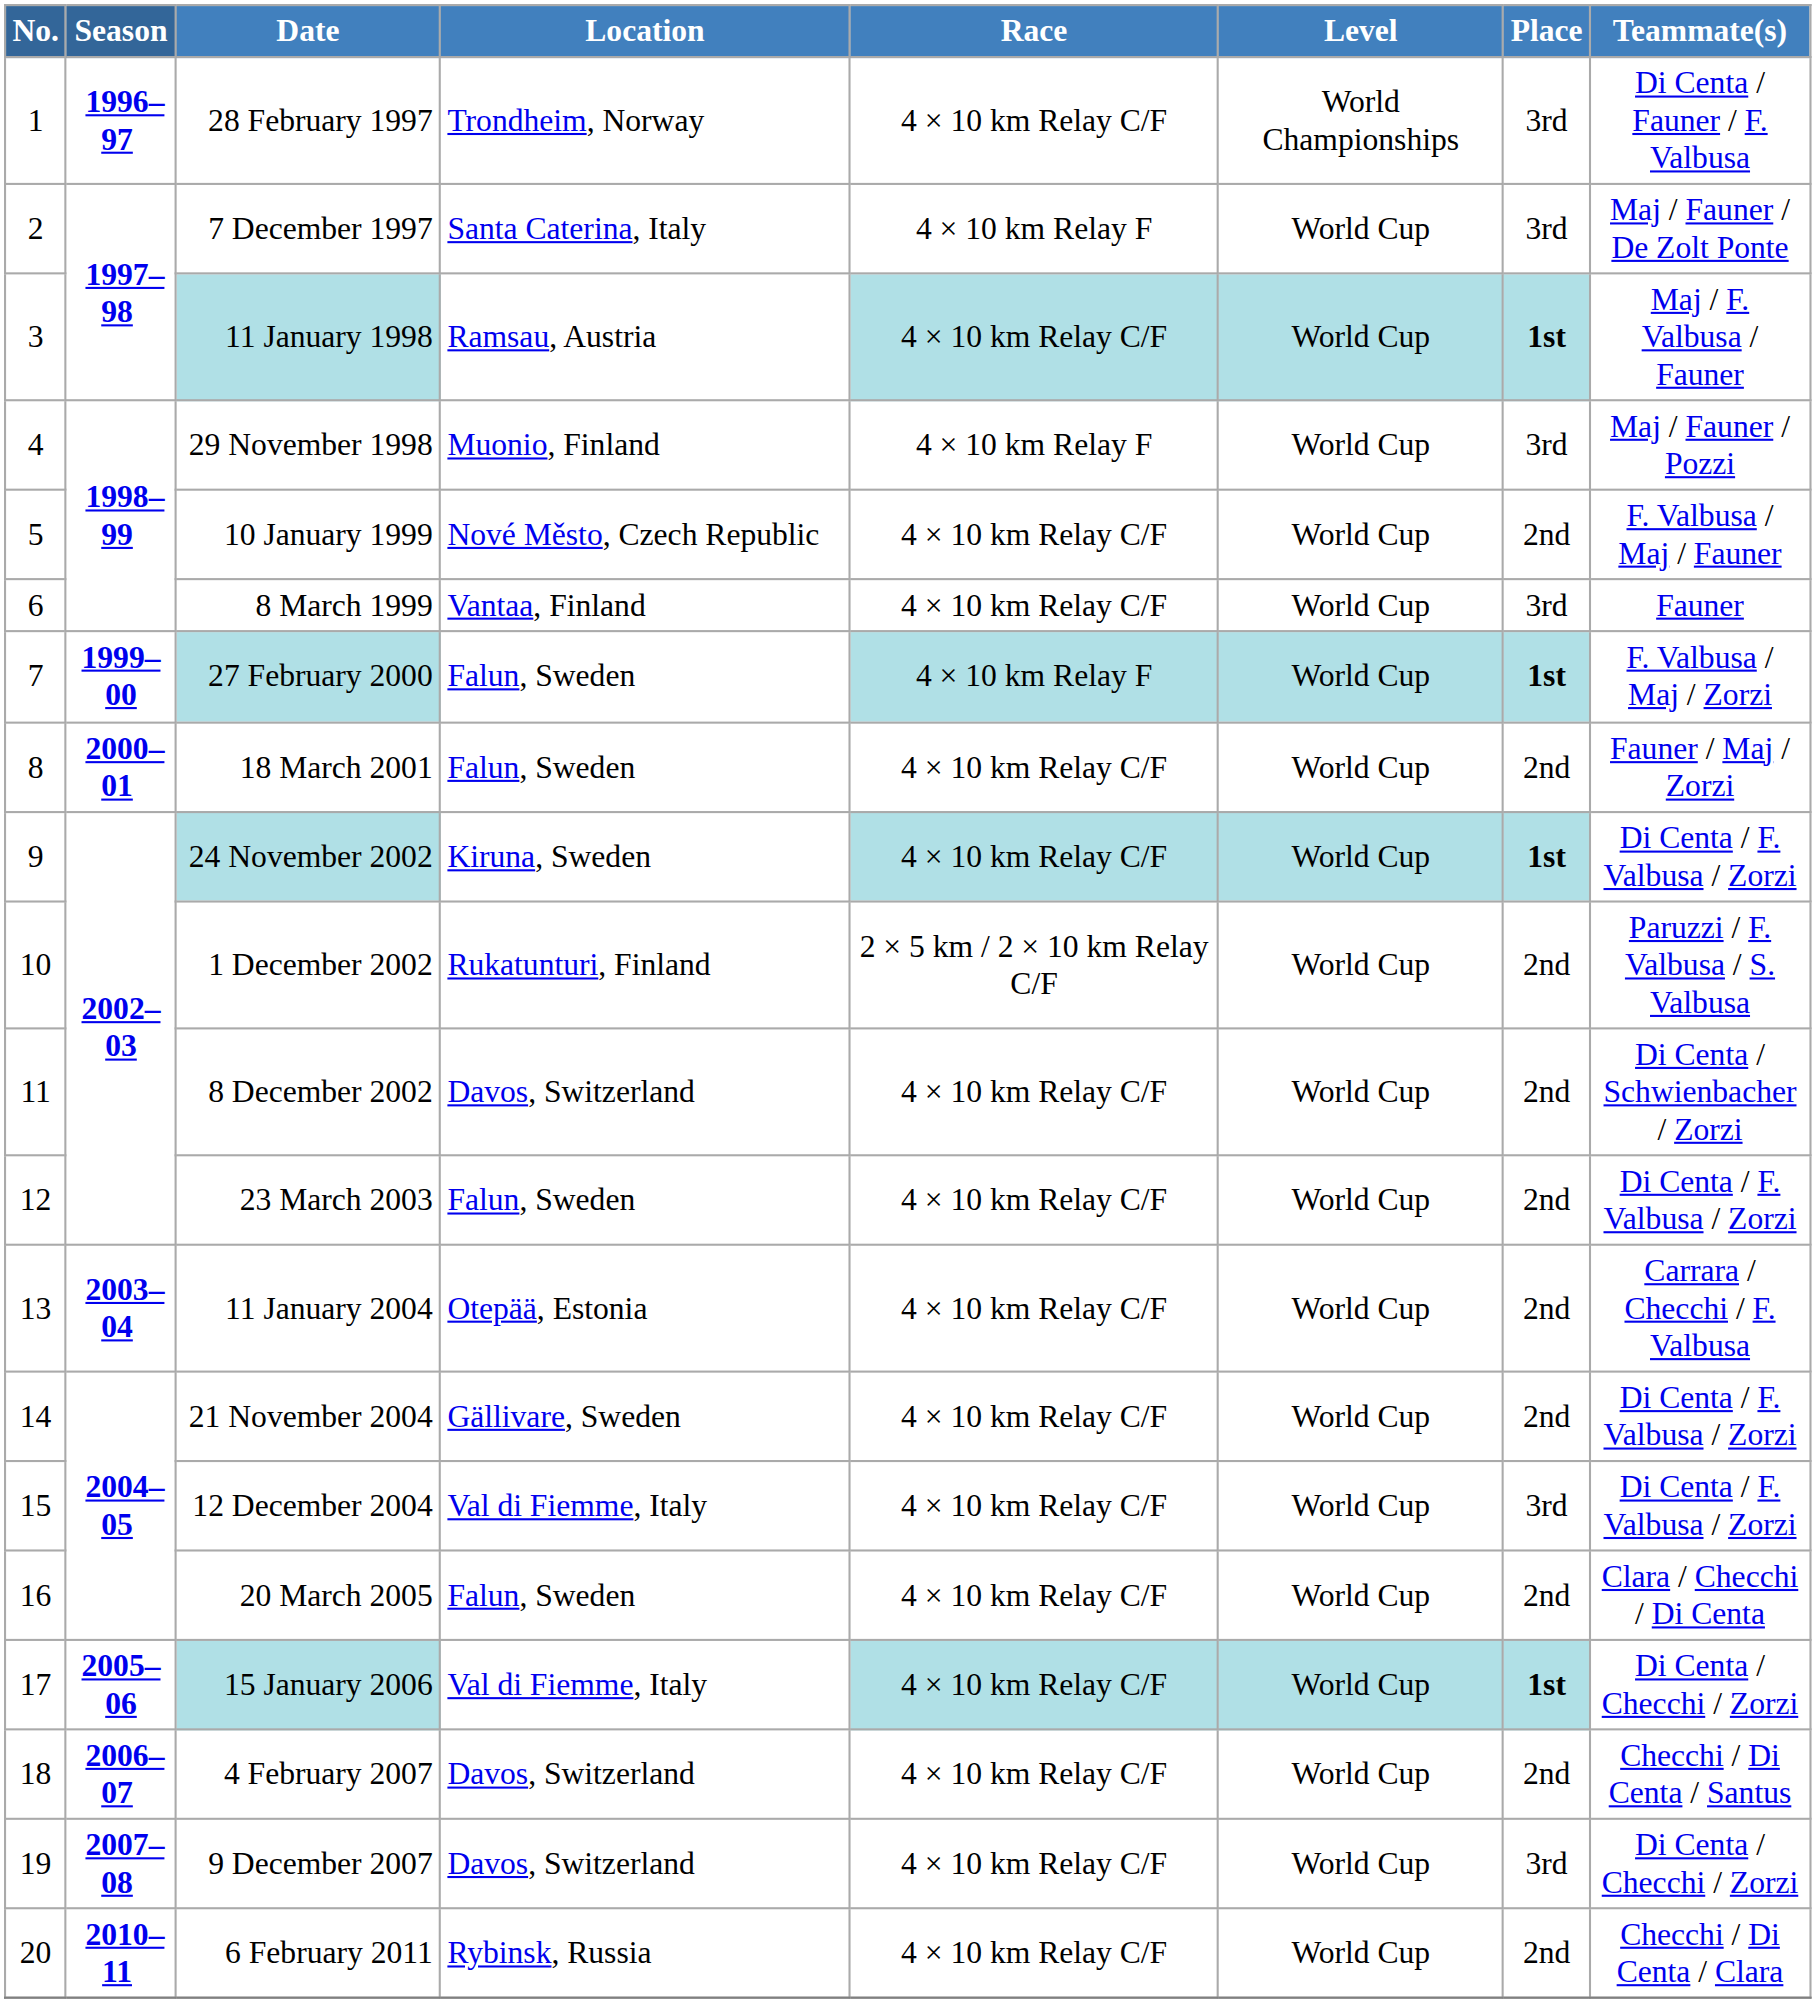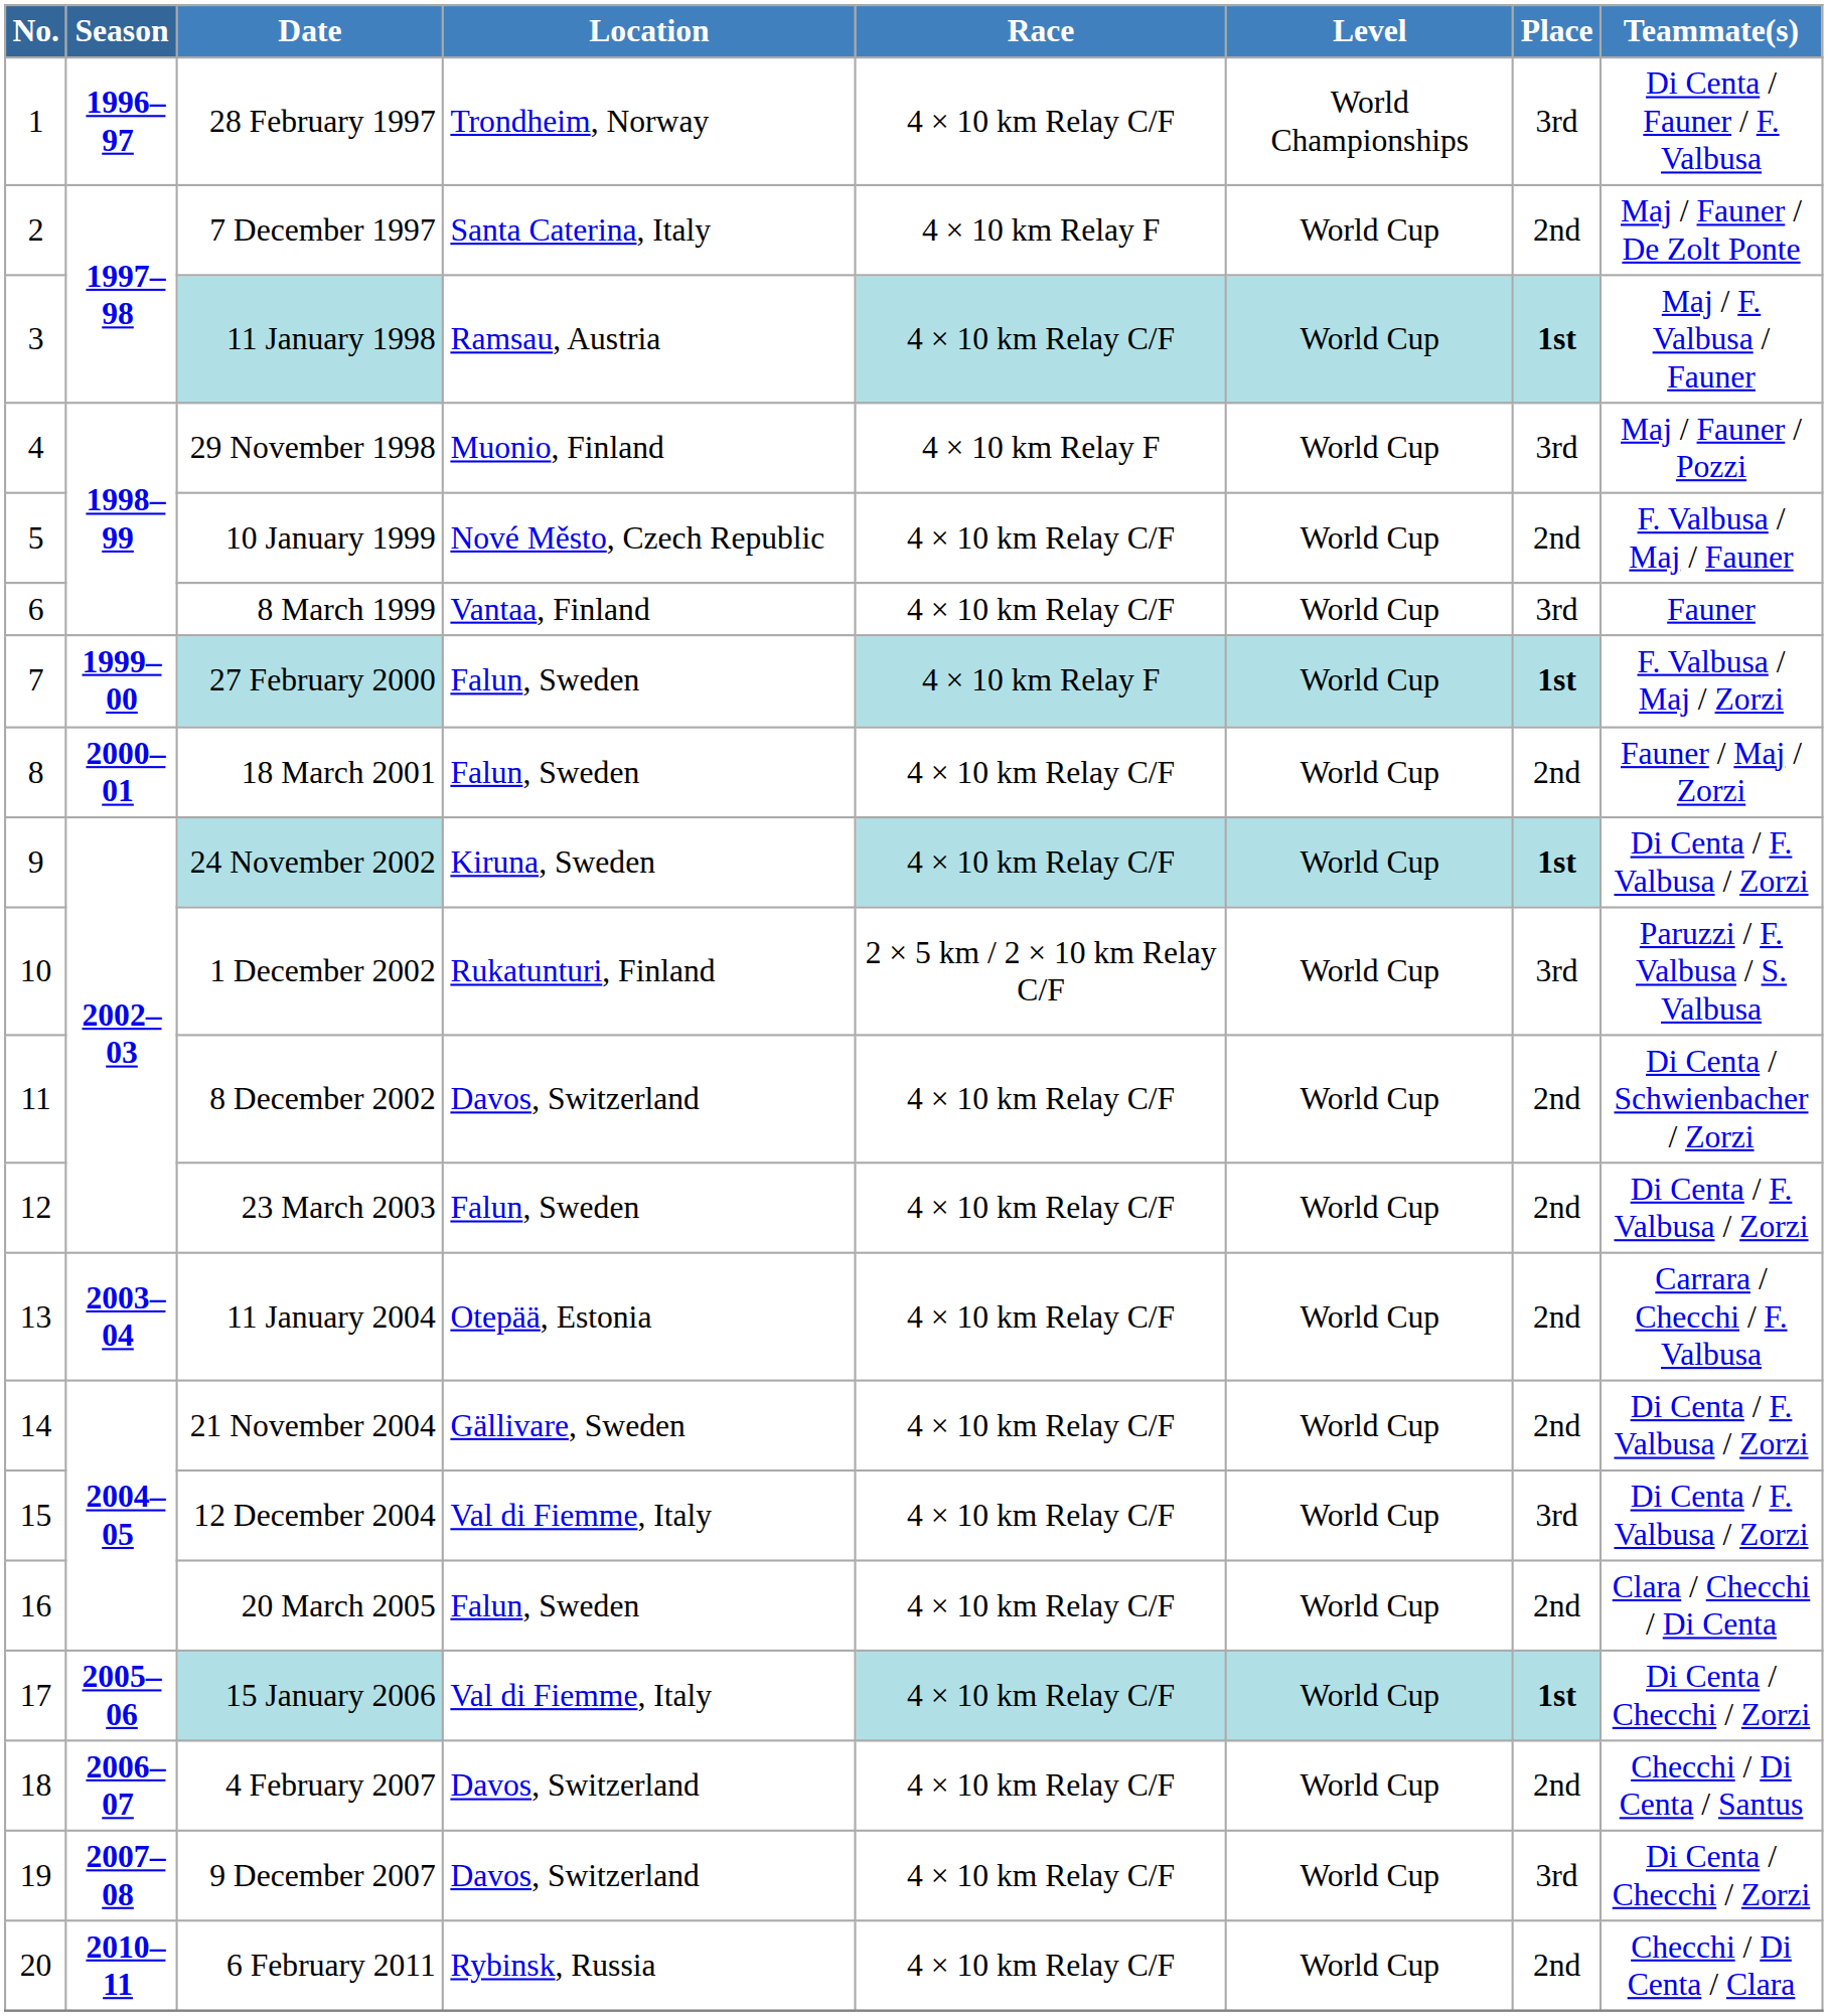 <table class="wikitable sortable" style="font-size:95%; text-align:center; border:grey solid 1px; border-collapse:collapse; background:#ffffff;">
 <tr style="background:#efefef;">
 <th style="background-color:#369; color:white;">No.</th>
 <th style="background-color:#369; color:white;">Season</th>
 <th style="background-color:#4180be; color:white; width:120px;">Date</th>
 <th style="background-color:#4180be; color:white; width:190px;">Location</th>
 <th style="background-color:#4180be; color:white; width:170px;">Race</th>
 <th style="background-color:#4180be; color:white; width:130px;">Level</th>
 <th style="background-color:#4180be; color:white;">Place</th>
 <th style="background-color:#4180be; color:white;">Teammate(s)</th>
 </tr>
 <tr>
 <td align=center>1</td>
 <td rowspan=1 align=center><strong> <a href='#'>1996–97</a> </strong></td>
 <td align=right>28 February 1997</td>
 <td align=left> <a href='#'>Trondheim</a>, Norway</td>
 <td>4 × 10 km Relay C/F</td>
 <td>World Championships</td>
 <td>3rd</td>
 <td><a href='#'>Di Centa</a> / <a href='#'>Fauner</a> / <a href='#'>F. Valbusa</a></td>
 </tr>
 <tr>
 <td align=center>2</td>
 <td rowspan=2 align=center><strong> <a href='#'>1997–98</a> </strong></td>
 <td align=right>7 December 1997</td>
 <td align=left> <a href='#'>Santa Caterina</a>, Italy</td>
 <td>4 × 10 km Relay F</td>
 <td>World Cup</td>
-<td>3rd</td>
+<td>2nd</td>
 <td><a href='#'>Maj</a> / <a href='#'>Fauner</a> / <a href='#'>De Zolt Ponte</a></td>
 </tr>
 <tr>
 <td align=center>3</td>
 <td bgcolor="#BOEOE6" align=right>11 January 1998</td>
 <td align=left> <a href='#'>Ramsau</a>, Austria</td>
 <td bgcolor="#BOEOE6">4 × 10 km Relay C/F</td>
 <td bgcolor="#BOEOE6">World Cup</td>
 <td bgcolor="#BOEOE6"><strong>1st</strong></td>
 <td><a href='#'>Maj</a> / <a href='#'>F. Valbusa</a> / <a href='#'>Fauner</a></td>
 </tr>
 <tr>
 <td align=center>4</td>
 <td rowspan=3 align=center><strong> <a href='#'>1998–99</a> </strong></td>
 <td align=right>29 November 1998</td>
 <td align=left> <a href='#'>Muonio</a>, Finland</td>
 <td>4 × 10 km Relay F</td>
 <td>World Cup</td>
 <td>3rd</td>
 <td><a href='#'>Maj</a> / <a href='#'>Fauner</a> / <a href='#'>Pozzi</a></td>
 </tr>
 <tr>
 <td align=center>5</td>
 <td align=right>10 January 1999</td>
 <td align=left> <a href='#'>Nové Město</a>, Czech Republic</td>
 <td>4 × 10 km Relay C/F</td>
 <td>World Cup</td>
 <td>2nd</td>
 <td><a href='#'>F. Valbusa</a> / <a href='#'>Maj</a> / <a href='#'>Fauner</a></td>
 </tr>
 <tr>
 <td align=center>6</td>
 <td align=right>8 March 1999</td>
 <td align=left> <a href='#'>Vantaa</a>, Finland</td>
 <td>4 × 10 km Relay C/F</td>
 <td>World Cup</td>
 <td>3rd</td>
 <td><a href='#'>Fauner</a></td>
 </tr>
 <tr>
 <td align=center>7</td>
 <td rowspan=1 align=center><strong><a href='#'>1999–00</a></strong></td>
 <td bgcolor="#BOEOE6" align=right>27 February 2000</td>
 <td align=left> <a href='#'>Falun</a>, Sweden</td>
 <td bgcolor="#BOEOE6">4 × 10 km Relay F</td>
 <td bgcolor="#BOEOE6">World Cup</td>
 <td bgcolor="#BOEOE6"><strong>1st</strong></td>
 <td><a href='#'>F. Valbusa</a> / <a href='#'>Maj</a> / <a href='#'>Zorzi</a></td>
 </tr>
 <tr>
 <td align=center>8</td>
 <td rowspan=1 align=center><strong> <a href='#'>2000–01</a> </strong></td>
 <td align=right>18 March 2001</td>
 <td align=left> <a href='#'>Falun</a>, Sweden</td>
 <td>4 × 10 km Relay C/F</td>
 <td>World Cup</td>
 <td>2nd</td>
 <td><a href='#'>Fauner</a> / <a href='#'>Maj</a> / <a href='#'>Zorzi</a></td>
 </tr>
 <tr>
 <td align=center>9</td>
 <td rowspan=4 align=center><strong><a href='#'>2002–03</a></strong></td>
 <td bgcolor="#BOEOE6" align=right>24 November 2002</td>
 <td align=left> <a href='#'>Kiruna</a>, Sweden</td>
 <td bgcolor="#BOEOE6">4 × 10 km Relay C/F</td>
 <td bgcolor="#BOEOE6">World Cup</td>
 <td bgcolor="#BOEOE6"><strong>1st</strong></td>
 <td><a href='#'>Di Centa</a> / <a href='#'>F. Valbusa</a> / <a href='#'>Zorzi</a></td>
 </tr>
 <tr>
 <td align=center>10</td>
 <td align=right>1 December 2002</td>
 <td align=left> <a href='#'>Rukatunturi</a>, Finland</td>
 <td>2 × 5 km / 2 × 10 km Relay C/F</td>
 <td>World Cup</td>
-<td>2nd</td>
+<td>3rd</td>
 <td><a href='#'>Paruzzi</a> / <a href='#'>F. Valbusa</a> / <a href='#'>S. Valbusa</a></td>
 </tr>
 <tr>
 <td align=center>11</td>
 <td align=right>8 December 2002</td>
 <td align=left> <a href='#'>Davos</a>, Switzerland</td>
 <td>4 × 10 km Relay C/F</td>
 <td>World Cup</td>
 <td>2nd</td>
 <td><a href='#'>Di Centa</a> / <a href='#'>Schwienbacher</a> / <a href='#'>Zorzi</a></td>
 </tr>
 <tr>
 <td align=center>12</td>
 <td align=right>23 March 2003</td>
 <td align=left> <a href='#'>Falun</a>, Sweden</td>
 <td>4 × 10 km Relay C/F</td>
 <td>World Cup</td>
 <td>2nd</td>
 <td><a href='#'>Di Centa</a> / <a href='#'>F. Valbusa</a> / <a href='#'>Zorzi</a></td>
 </tr>
 <tr>
 <td align=center>13</td>
 <td rowspan=1 align=center><strong> <a href='#'>2003–04</a> </strong></td>
 <td align=right>11 January 2004</td>
 <td align=left> <a href='#'>Otepää</a>, Estonia</td>
 <td>4 × 10 km Relay C/F</td>
 <td>World Cup</td>
 <td>2nd</td>
 <td><a href='#'>Carrara</a> / <a href='#'>Checchi</a> / <a href='#'>F. Valbusa</a></td>
 </tr>
 <tr>
 <td align=center>14</td>
 <td rowspan=3 align=center><strong> <a href='#'>2004–05</a> </strong></td>
 <td align=right>21 November 2004</td>
 <td align=left> <a href='#'>Gällivare</a>, Sweden</td>
 <td>4 × 10 km Relay C/F</td>
 <td>World Cup</td>
 <td>2nd</td>
 <td><a href='#'>Di Centa</a> / <a href='#'>F. Valbusa</a> / <a href='#'>Zorzi</a></td>
 </tr>
 <tr>
 <td align=center>15</td>
 <td align=right>12 December 2004</td>
 <td align=left> <a href='#'>Val di Fiemme</a>, Italy</td>
 <td>4 × 10 km Relay C/F</td>
 <td>World Cup</td>
 <td>3rd</td>
 <td><a href='#'>Di Centa</a> / <a href='#'>F. Valbusa</a> / <a href='#'>Zorzi</a></td>
 </tr>
 <tr>
 <td align=center>16</td>
 <td align=right>20 March 2005</td>
 <td align=left> <a href='#'>Falun</a>, Sweden</td>
 <td>4 × 10 km Relay C/F</td>
 <td>World Cup</td>
 <td>2nd</td>
 <td><a href='#'>Clara</a> / <a href='#'>Checchi</a> / <a href='#'>Di Centa</a></td>
 </tr>
 <tr>
 <td align=center>17</td>
 <td rowspan=1 align=center><strong><a href='#'>2005–06</a></strong></td>
 <td bgcolor="#BOEOE6" align=right>15 January 2006</td>
 <td align=left> <a href='#'>Val di Fiemme</a>, Italy</td>
 <td bgcolor="#BOEOE6">4 × 10 km Relay C/F</td>
 <td bgcolor="#BOEOE6">World Cup</td>
 <td bgcolor="#BOEOE6"><strong>1st</strong></td>
 <td><a href='#'>Di Centa</a> / <a href='#'>Checchi</a> / <a href='#'>Zorzi</a></td>
 </tr>
 <tr>
 <td align=center>18</td>
 <td rowspan=1 align=center><strong> <a href='#'>2006–07</a> </strong></td>
 <td align=right>4 February 2007</td>
 <td align=left> <a href='#'>Davos</a>, Switzerland</td>
 <td>4 × 10 km Relay C/F</td>
 <td>World Cup</td>
 <td>2nd</td>
 <td><a href='#'>Checchi</a> / <a href='#'>Di Centa</a> / <a href='#'>Santus</a></td>
 </tr>
 <tr>
 <td align=center>19</td>
 <td rowspan=1 align=center><strong> <a href='#'>2007–08</a> </strong></td>
 <td align=right>9 December 2007</td>
 <td align=left> <a href='#'>Davos</a>, Switzerland</td>
 <td>4 × 10 km Relay C/F</td>
 <td>World Cup</td>
 <td>3rd</td>
 <td><a href='#'>Di Centa</a> / <a href='#'>Checchi</a> / <a href='#'>Zorzi</a></td>
 </tr>
 <tr>
 <td align=center>20</td>
 <td rowspan=1 align=center><strong> <a href='#'>2010–11</a> </strong></td>
 <td align=right>6 February 2011</td>
 <td align=left> <a href='#'>Rybinsk</a>, Russia</td>
 <td>4 × 10 km Relay C/F</td>
 <td>World Cup</td>
 <td>2nd</td>
 <td><a href='#'>Checchi</a> / <a href='#'>Di Centa</a> / <a href='#'>Clara</a></td>
 </tr>
 <tr>
 </tr>
 </table>
